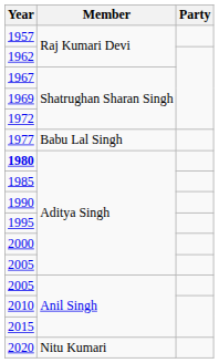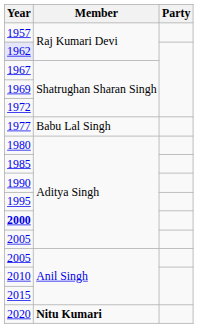 <table class="wikitable sortable">
 <tr>
 <th>Year</th>
 <th>Member</th>
 <th colspan="2">Party</th>
 </tr>
 <tr>
 <td><a href='#'>1957</a></td>
 <td rowspan="2">Raj Kumari Devi</td>
 <td></td>
 </tr>
 <tr>
-<td><a href='#'>1962</a></td>
+<td style="background: lavender;"><a href='#'>1962</a></td>
 </tr>
 <tr>
 <td><a href='#'>1967</a></td>
 <td rowspan="3">Shatrughan Sharan Singh</td>
 </tr>
 <tr>
 <td><a href='#'>1969</a></td>
 </tr>
 <tr>
 <td><a href='#'>1972</a></td>
 </tr>
 <tr>
 <td><a href='#'>1977</a></td>
 <td>Babu Lal Singh</td>
 <td></td>
 </tr>
 <tr>
-<td><strong><a href='#'>1980</a></strong></td>
+<td><a href='#'>1980</a></td>
 <td rowspan="6">Aditya Singh</td>
 <td></td>
 </tr>
 <tr>
 <td><a href='#'>1985</a></td>
 </tr>
 <tr>
 <td><a href='#'>1990</a></td>
 <td></td>
 </tr>
 <tr>
 <td><a href='#'>1995</a></td>
 </tr>
 <tr>
-<td><a href='#'>2000</a></td>
+<td><strong><a href='#'>2000</a></strong></td>
 <td></td>
 </tr>
 <tr>
 <td><a href='#'>2005</a></td>
 <td></td>
 </tr>
 <tr>
 <td><a href='#'>2005</a></td>
 <td rowspan="3"><a href='#'>Anil Singh</a></td>
 <td></td>
 </tr>
 <tr>
 <td><a href='#'>2010</a></td>
 </tr>
 <tr>
 <td><a href='#'>2015</a></td>
 </tr>
 <tr>
 <td><a href='#'>2020</a></td>
-<td>Nitu Kumari</td>
+<td><strong>Nitu Kumari</strong></td>
 <td></td>
 </tr>
 </table>
